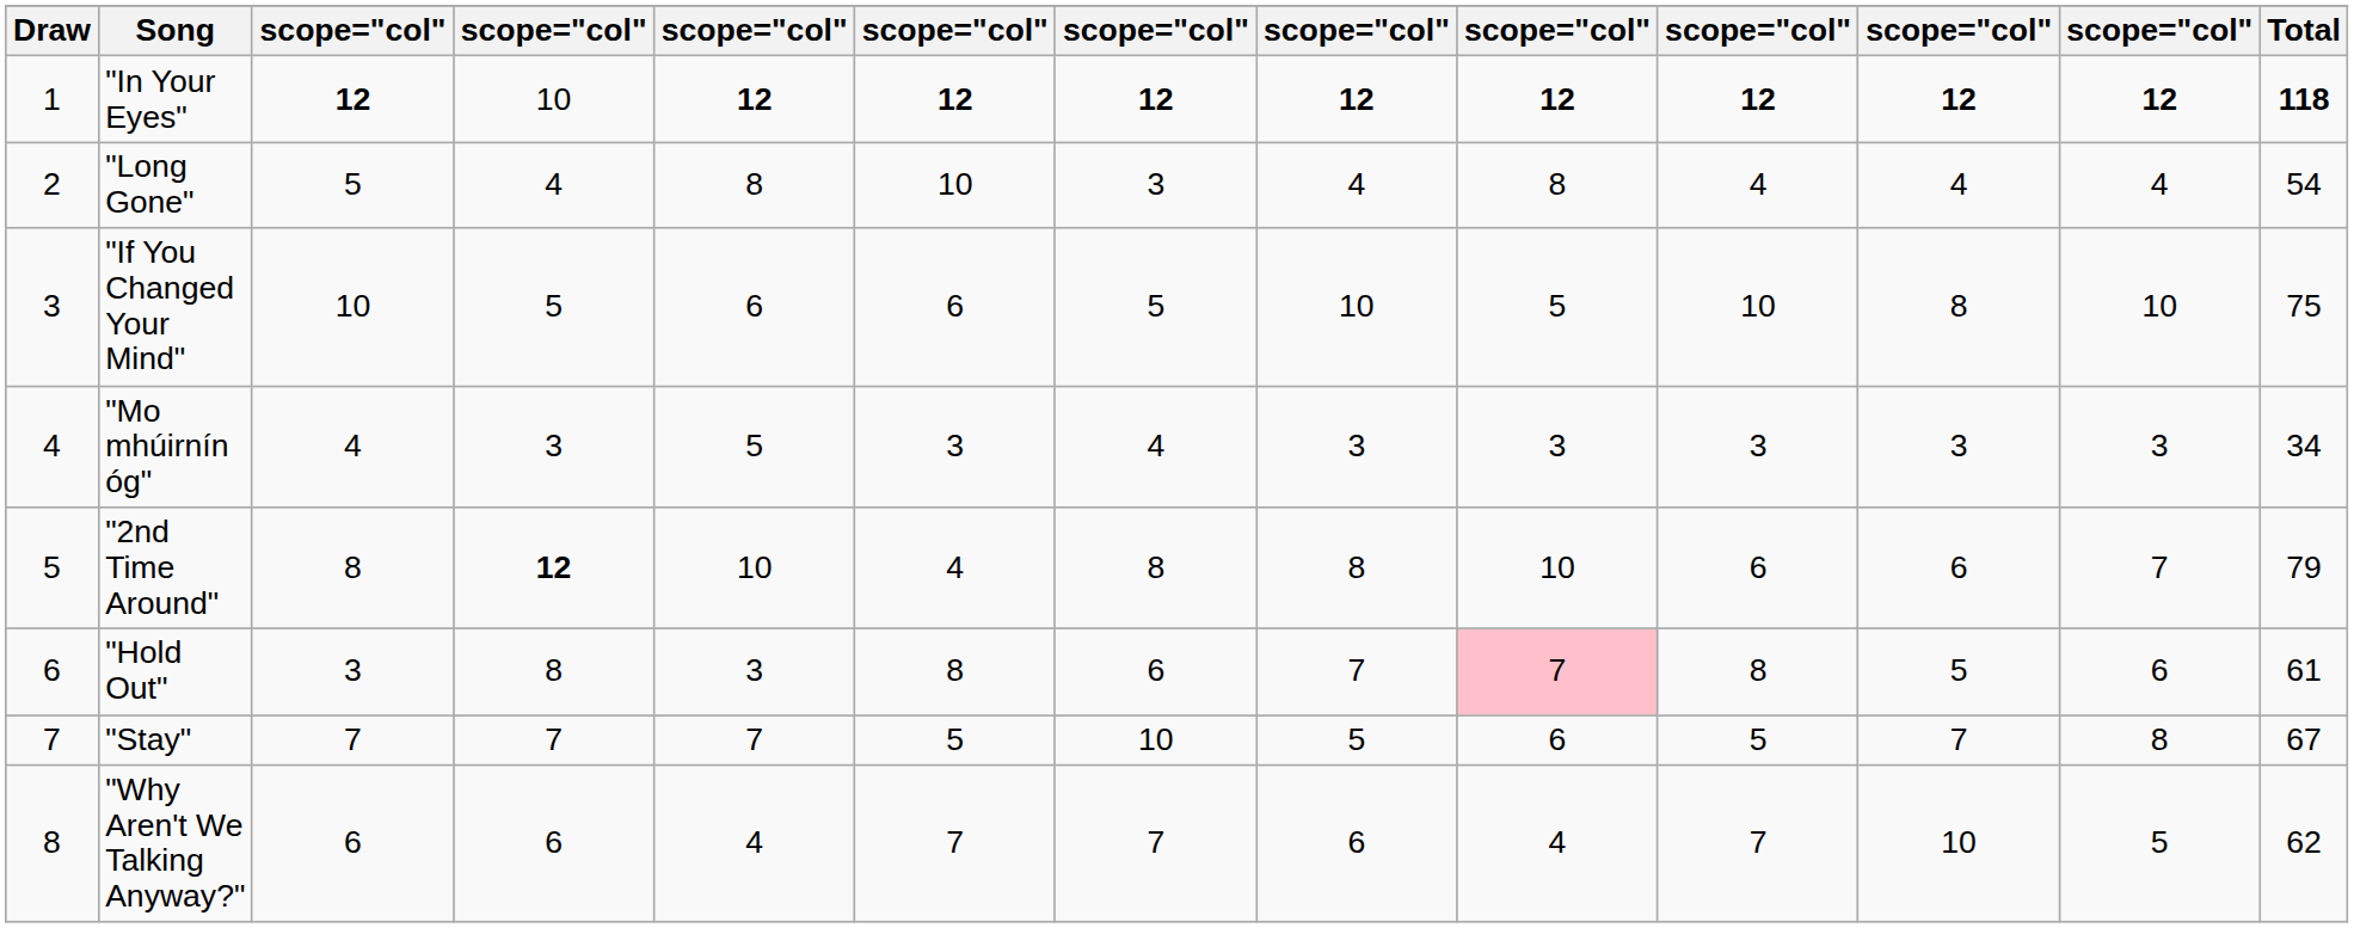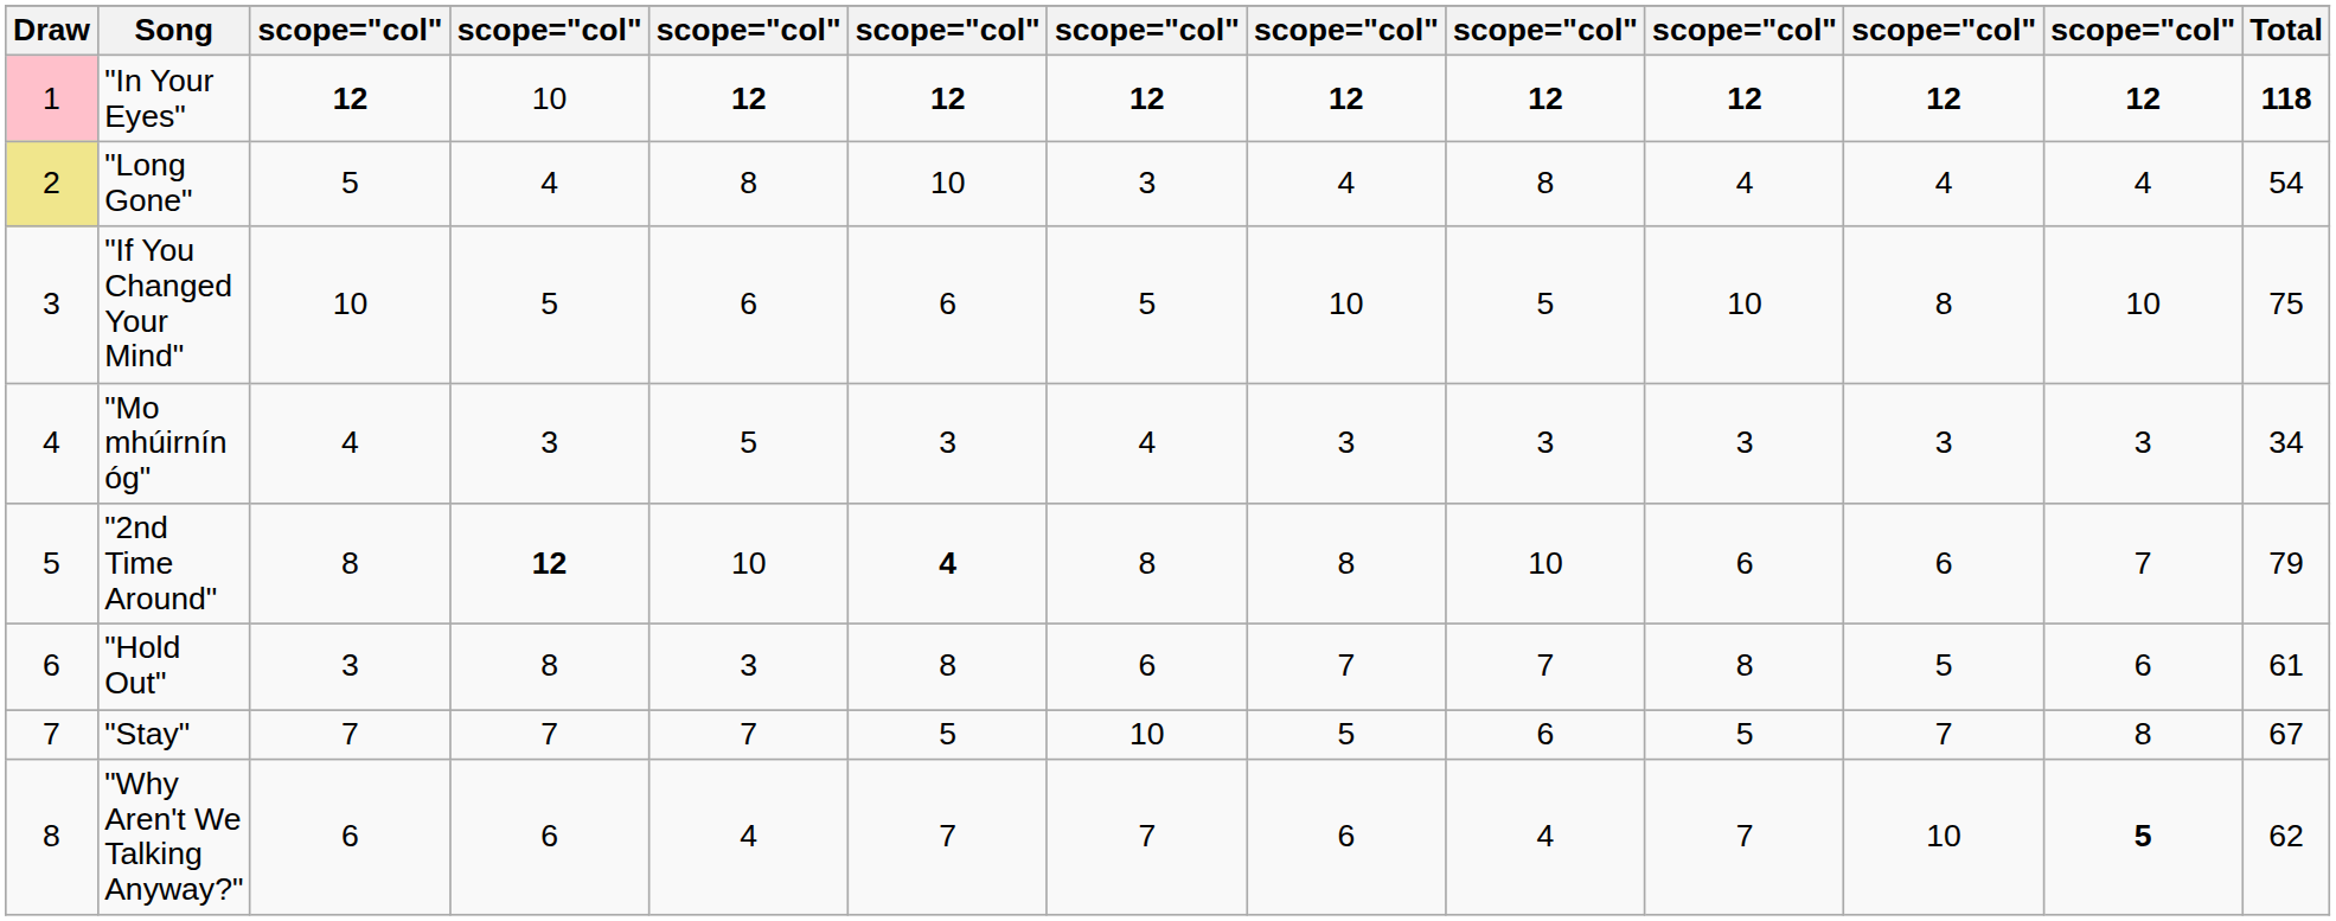 <table class="wikitable plainrowheaders" style="margin: 1em auto 1em auto; text-align:center;">
 <tr>
 </tr>
 <tr --->
 <th scope="col">Draw</th>
 <th scope="col">Song</th>
 <th>scope="col" </th>
 <th>scope="col" </th>
 <th>scope="col" </th>
 <th>scope="col" </th>
 <th>scope="col" </th>
 <th>scope="col" </th>
 <th>scope="col" </th>
 <th>scope="col" </th>
 <th>scope="col" </th>
 <th>scope="col" </th>
 <th scope="col">Total</th>
 </tr>
 <tr --->
-<td>1</td>
+<td style="background: pink;">1</td>
 <td align="left">"In Your Eyes"</td>
 <td><strong>12</strong></td>
 <td>10</td>
 <td><strong>12</strong></td>
 <td><strong>12</strong></td>
 <td><strong>12</strong></td>
 <td><strong>12</strong></td>
 <td><strong>12</strong></td>
 <td><strong>12</strong></td>
 <td><strong>12</strong></td>
 <td><strong>12</strong></td>
 <td><strong>118</strong></td>
 </tr>
 <tr --->
-<td>2</td>
+<td style="background: khaki;">2</td>
 <td align="left">"Long Gone"</td>
 <td>5</td>
 <td>4</td>
 <td>8</td>
 <td>10</td>
 <td>3</td>
 <td>4</td>
 <td>8</td>
 <td>4</td>
 <td>4</td>
 <td>4</td>
 <td>54</td>
 </tr>
 <tr --->
 <td>3</td>
 <td align="left">"If You Changed Your Mind"</td>
 <td>10</td>
 <td>5</td>
 <td>6</td>
 <td>6</td>
 <td>5</td>
 <td>10</td>
 <td>5</td>
 <td>10</td>
 <td>8</td>
 <td>10</td>
 <td>75</td>
 </tr>
 <tr --->
 <td>4</td>
 <td align="left">"Mo mhúirnín óg"</td>
 <td>4</td>
 <td>3</td>
 <td>5</td>
 <td>3</td>
 <td>4</td>
 <td>3</td>
 <td>3</td>
 <td>3</td>
 <td>3</td>
 <td>3</td>
 <td>34</td>
 </tr>
 <tr --->
 <td>5</td>
 <td align="left">"2nd Time Around"</td>
 <td>8</td>
 <td><strong>12</strong></td>
 <td>10</td>
-<td>4</td>
+<td><strong>4</strong></td>
 <td>8</td>
 <td>8</td>
 <td>10</td>
 <td>6</td>
 <td>6</td>
 <td>7</td>
 <td>79</td>
 </tr>
 <tr --->
 <td>6</td>
 <td align="left">"Hold Out"</td>
 <td>3</td>
 <td>8</td>
 <td>3</td>
 <td>8</td>
 <td>6</td>
 <td>7</td>
-<td style="background: pink;">7</td>
+<td>7</td>
 <td>8</td>
 <td>5</td>
 <td>6</td>
 <td>61</td>
 </tr>
 <tr --->
 <td>7</td>
 <td align="left">"Stay"</td>
 <td>7</td>
 <td>7</td>
 <td>7</td>
 <td>5</td>
 <td>10</td>
 <td>5</td>
 <td>6</td>
 <td>5</td>
 <td>7</td>
 <td>8</td>
 <td>67</td>
 </tr>
 <tr --->
 <td>8</td>
 <td align="left">"Why Aren't We Talking Anyway?"</td>
 <td>6</td>
 <td>6</td>
 <td>4</td>
 <td>7</td>
 <td>7</td>
 <td>6</td>
 <td>4</td>
 <td>7</td>
 <td>10</td>
-<td>5</td>
+<td><strong>5</strong></td>
 <td>62</td>
 </tr>
 </table>
